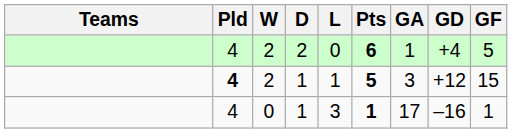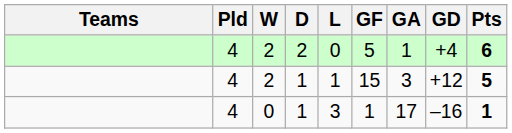 <table class="wikitable" style="text-align: center;">
 <tr>
 <th width=165>Teams</th>
 <th width=20>Pld</th>
 <th width=20>W</th>
 <th width=20>D</th>
 <th width=20>L</th>
-<th width=20>Pts</th>
+<th width=20>GF</th>
 <th width=20>GA</th>
 <th width=20>GD</th>
-<th width=20>GF</th>
+<th width=20>Pts</th>
 </tr>
 <tr align=center style="background:#ccffcc;">
 <td style="text-align:left;"></td>
 <td>4</td>
 <td>2</td>
 <td>2</td>
 <td>0</td>
-<td><strong>6</strong></td>
+<td>5</td>
 <td>1</td>
 <td>+4</td>
-<td>5</td>
+<td><strong>6</strong></td>
 </tr>
 <tr align=center>
 <td style="text-align:left;"></td>
-<td><strong>4</strong></td>
+<td>4</td>
 <td>2</td>
 <td>1</td>
 <td>1</td>
-<td><strong>5</strong></td>
+<td>15</td>
 <td>3</td>
 <td>+12</td>
-<td>15</td>
+<td><strong>5</strong></td>
 </tr>
 <tr align=center>
 <td style="text-align:left;"></td>
 <td>4</td>
 <td>0</td>
 <td>1</td>
 <td>3</td>
-<td><strong>1</strong></td>
+<td>1</td>
 <td>17</td>
 <td>–16</td>
-<td>1</td>
+<td><strong>1</strong></td>
 </tr>
 </table>
